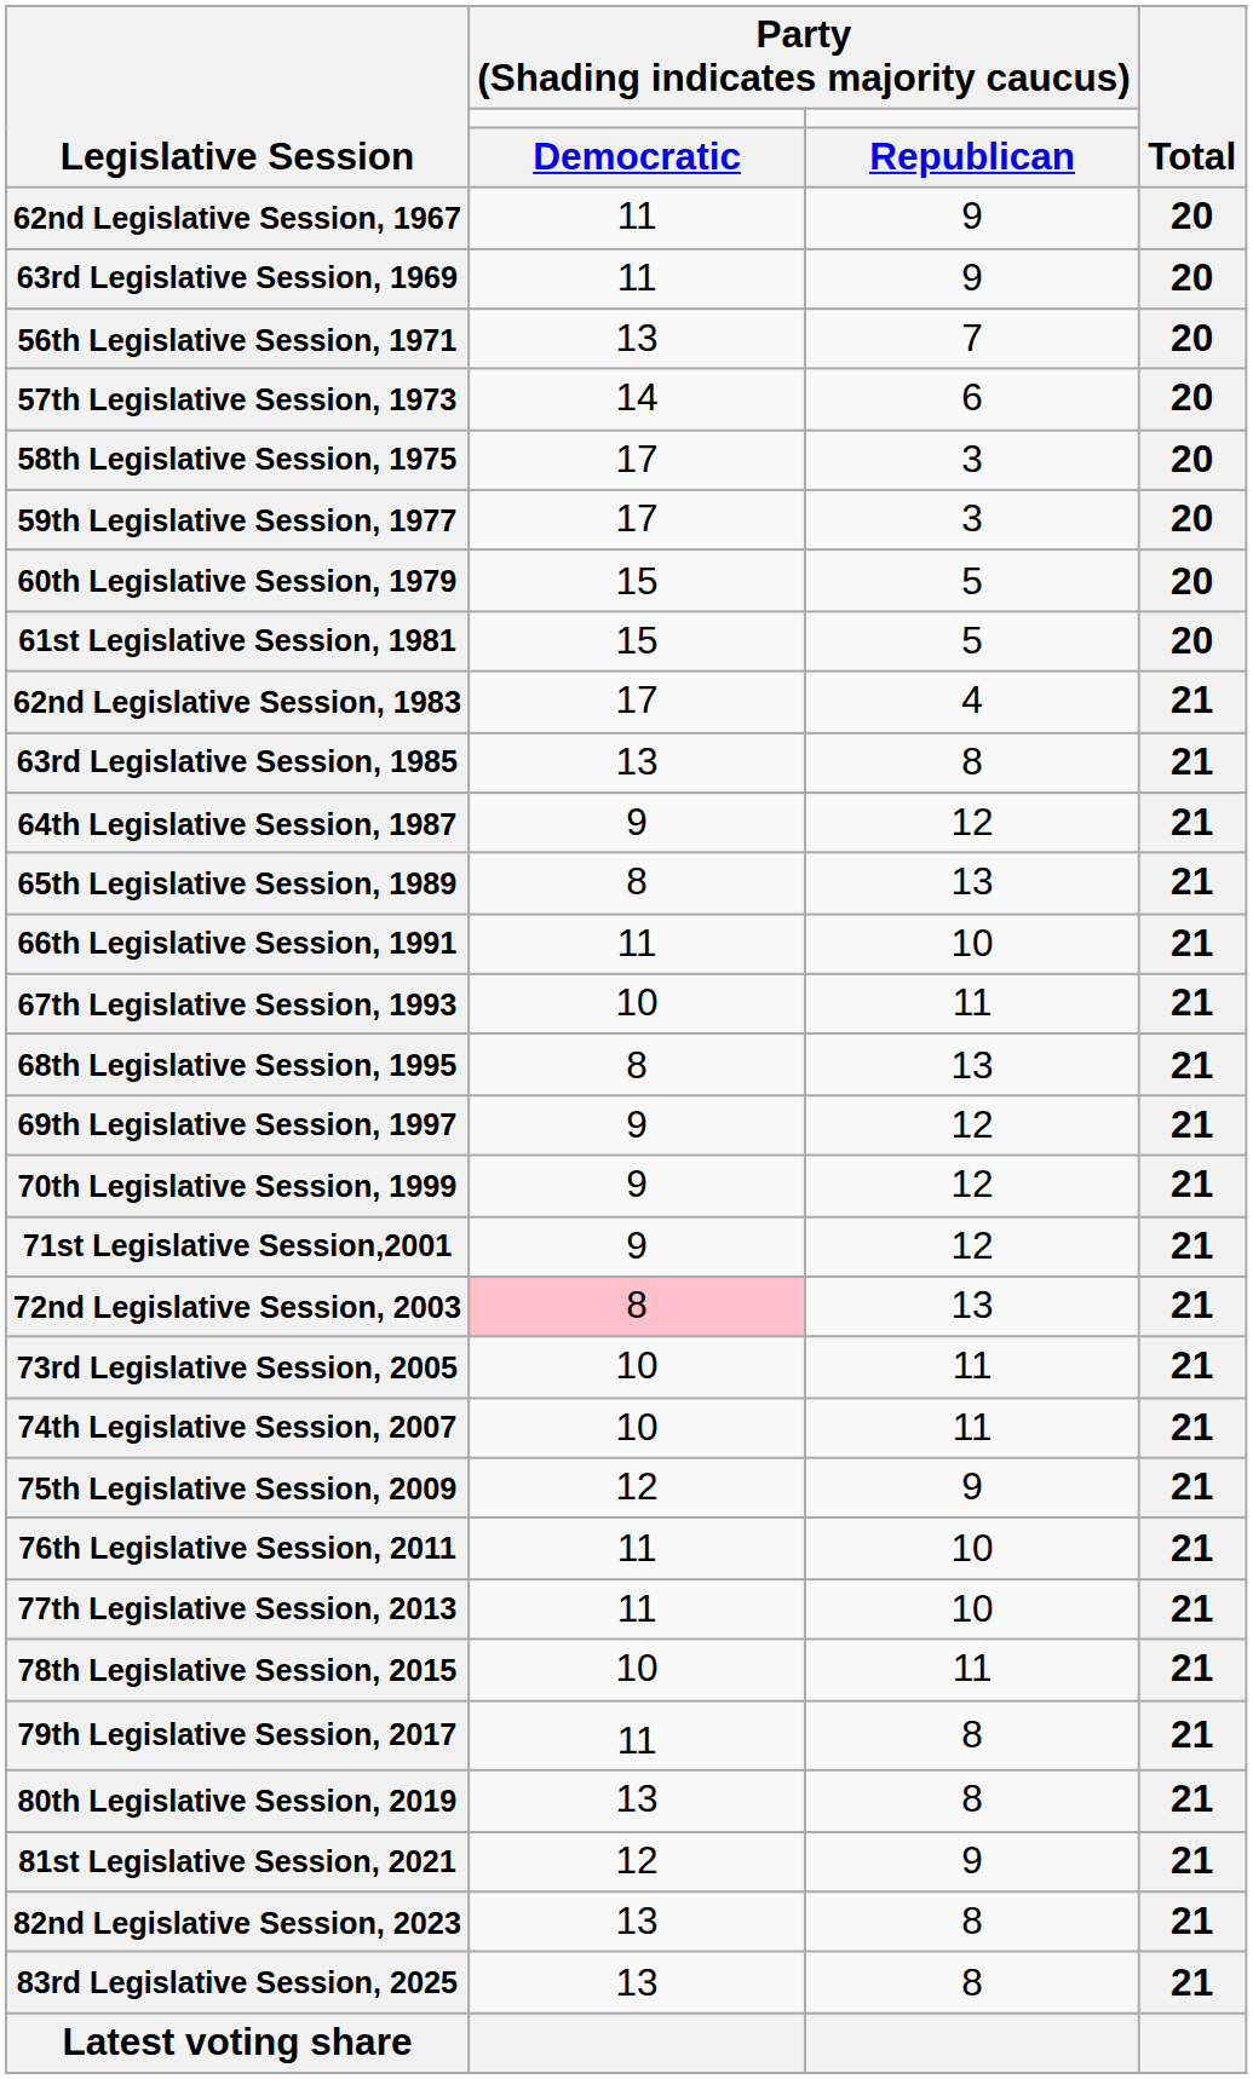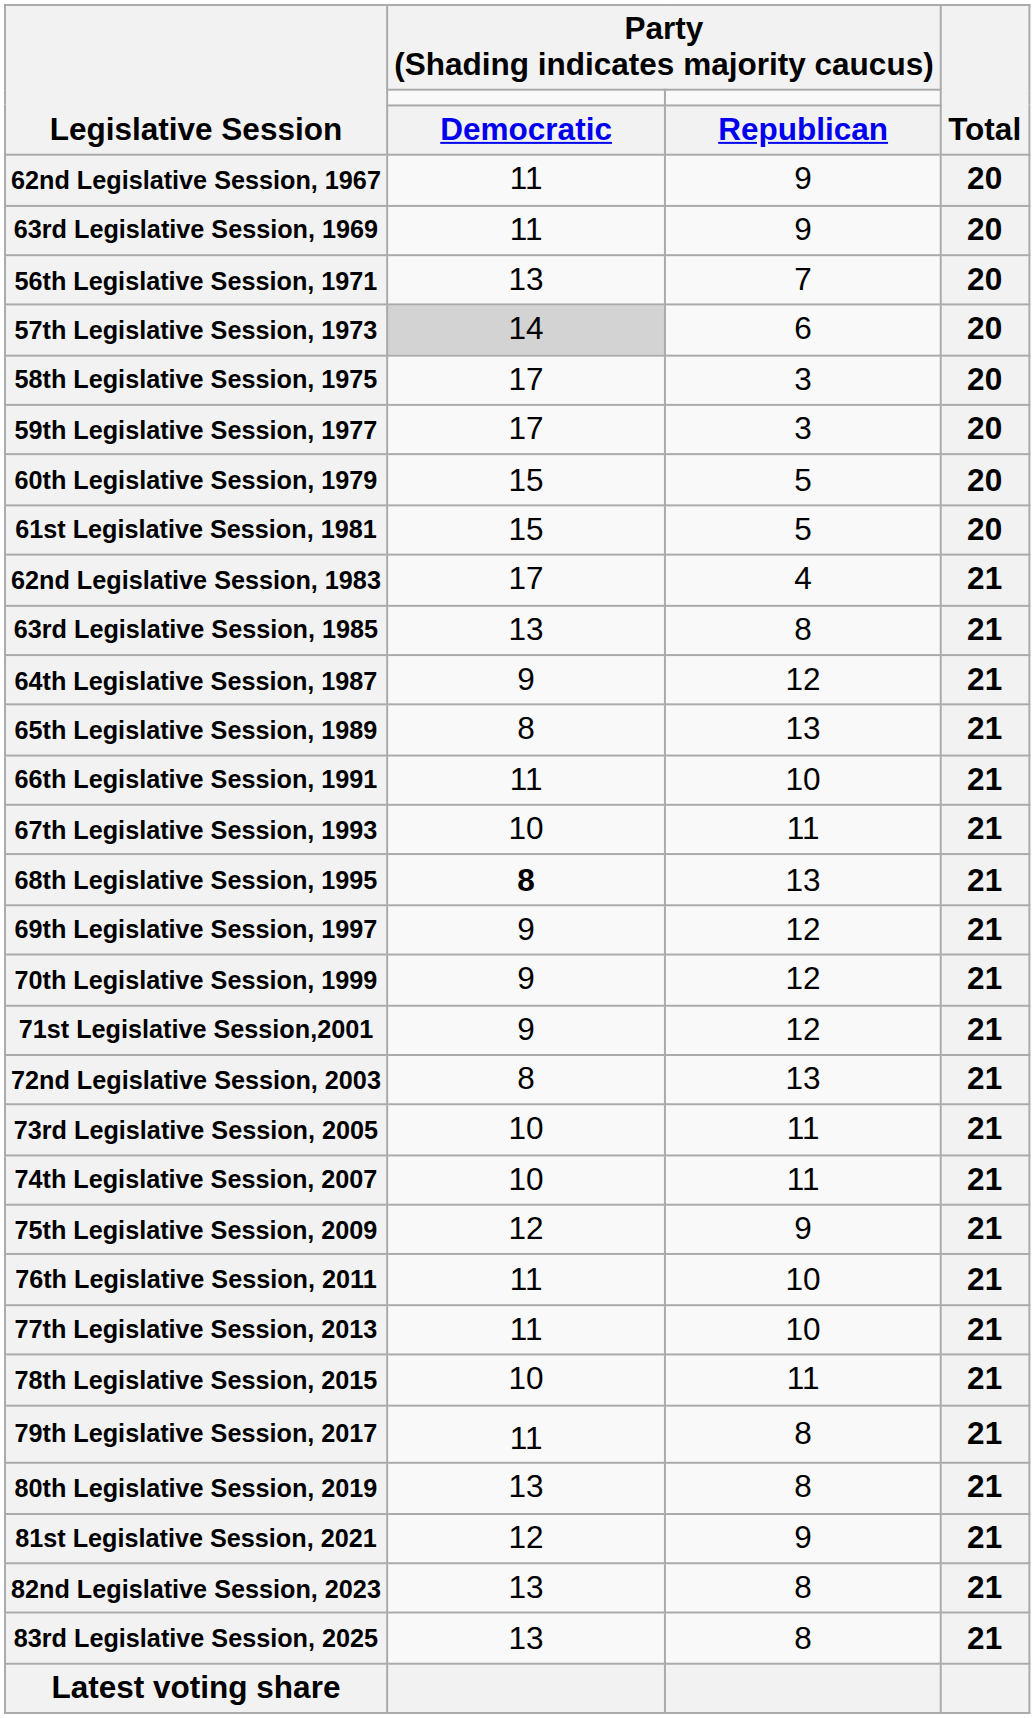 <table class=wikitable style="text-align:center">
 <tr style="vertical-align:bottom;">
 <th rowspan=3>Legislative Session</th>
 <th colspan=2>Party <div>(Shading indicates majority caucus)</div></th>
 <th rowspan=3>Total</th>
 </tr>
 <tr style="height:5px">
 <td style="background-color:"></td>
 <td style="background-color:"></td>
 </tr>
 <tr>
 <th><a href='#'>Democratic</a></th>
 <th><a href='#'>Republican</a></th>
 </tr>
 <tr>
 <th nowrap style="font-size:80%">62nd Legislative Session, 1967</th>
 <td>11</td>
 <td>9</td>
 <th>20</th>
 </tr>
 <tr>
 <th nowrap style="font-size:80%">63rd Legislative Session, 1969</th>
 <td>11</td>
 <td>9</td>
 <th>20</th>
 </tr>
 <tr>
 <th nowrap style="font-size:80%">56th Legislative Session, 1971</th>
 <td>13</td>
 <td>7</td>
 <th>20</th>
 </tr>
 <tr>
 <th nowrap style="font-size:80%">57th Legislative Session, 1973</th>
-<td>14</td>
+<td style="background: lightgrey;">14</td>
 <td>6</td>
 <th>20</th>
 </tr>
 <tr>
 <th nowrap style="font-size:80%">58th Legislative Session, 1975</th>
 <td>17</td>
 <td>3</td>
 <th>20</th>
 </tr>
 <tr>
 <th nowrap style="font-size:80%">59th Legislative Session, 1977</th>
 <td>17</td>
 <td>3</td>
 <th>20</th>
 </tr>
 <tr>
 <th nowrap style="font-size:80%">60th Legislative Session, 1979</th>
 <td>15</td>
 <td>5</td>
 <th>20</th>
 </tr>
 <tr>
 <th nowrap style="font-size:80%">61st Legislative Session, 1981</th>
 <td>15</td>
 <td>5</td>
 <th>20</th>
 </tr>
 <tr>
 <th nowrap style="font-size:80%">62nd Legislative Session, 1983</th>
 <td>17</td>
 <td>4</td>
 <th>21</th>
 </tr>
 <tr>
 <th nowrap style="font-size:80%">63rd Legislative Session, 1985</th>
 <td>13</td>
 <td>8</td>
 <th>21</th>
 </tr>
 <tr>
 <th nowrap style="font-size:80%">64th Legislative Session, 1987</th>
 <td>9</td>
 <td>12</td>
 <th>21</th>
 </tr>
 <tr>
 <th nowrap style="font-size:80%">65th Legislative Session, 1989</th>
 <td>8</td>
 <td>13</td>
 <th>21</th>
 </tr>
 <tr>
 <th nowrap style="font-size:80%">66th Legislative Session, 1991</th>
 <td>11</td>
 <td>10</td>
 <th>21</th>
 </tr>
 <tr>
 <th nowrap style="font-size:80%">67th Legislative Session, 1993</th>
 <td>10</td>
 <td>11</td>
 <th>21</th>
 </tr>
 <tr>
 <th nowrap style="font-size:80%">68th Legislative Session, 1995</th>
-<td>8</td>
+<td><strong>8</strong></td>
 <td>13</td>
 <th>21</th>
 </tr>
 <tr>
 <th nowrap style="font-size:80%">69th Legislative Session, 1997</th>
 <td>9</td>
 <td>12</td>
 <th>21</th>
 </tr>
 <tr>
 <th nowrap style="font-size:80%">70th Legislative Session, 1999</th>
 <td>9</td>
 <td>12</td>
 <th>21</th>
 </tr>
 <tr>
 <th nowrap style="font-size:80%">71st Legislative Session,2001</th>
 <td>9</td>
 <td>12</td>
 <th>21</th>
 </tr>
 <tr>
 <th nowrap style="font-size:80%">72nd Legislative Session, 2003</th>
-<td style="background: pink;">8</td>
+<td>8</td>
 <td>13</td>
 <th>21</th>
 </tr>
 <tr>
 <th nowrap style="font-size:80%">73rd Legislative Session, 2005</th>
 <td>10</td>
 <td>11</td>
 <th>21</th>
 </tr>
 <tr>
 <th nowrap style="font-size:80%">74th Legislative Session, 2007</th>
 <td>10</td>
 <td>11</td>
 <th>21</th>
 </tr>
 <tr>
 <th nowrap style="font-size:80%">75th Legislative Session, 2009</th>
 <td>12</td>
 <td>9</td>
 <th>21</th>
 </tr>
 <tr>
 <th nowrap style="font-size:80%">76th Legislative Session, 2011</th>
 <td>11</td>
 <td>10</td>
 <th>21</th>
 </tr>
 <tr>
 <th nowrap style="font-size:80%">77th Legislative Session, 2013</th>
 <td>11</td>
 <td>10</td>
 <th>21</th>
 </tr>
 <tr>
 <th nowrap style="font-size:80%">78th Legislative Session, 2015</th>
 <td>10</td>
 <td>11</td>
 <th>21</th>
 </tr>
 <tr>
 <th nowrap style="font-size:80%">79th Legislative Session, 2017</th>
 <td>11<sup></sup></td>
 <td>8</td>
 <th>21</th>
 </tr>
 <tr>
 <th nowrap style="font-size:80%">80th Legislative Session, 2019</th>
 <td>13</td>
 <td>8</td>
 <th>21</th>
 </tr>
 <tr>
 <th nowrap style="font-size:80%">81st Legislative Session, 2021</th>
 <td>12</td>
 <td>9</td>
 <th>21</th>
 </tr>
 <tr>
 <th nowrap style="font-size:80%">82nd Legislative Session, 2023</th>
 <td>13</td>
 <td>8</td>
 <th>21</th>
 </tr>
 <tr>
 <th nowrap style="font-size:80%">83rd Legislative Session, 2025</th>
 <td>13</td>
 <td>8</td>
 <th>21</th>
 </tr>
 <tr>
 <th>Latest voting share</th>
 <th></th>
 <th></th>
 <th colspan=2></th>
 </tr>
 </table>
